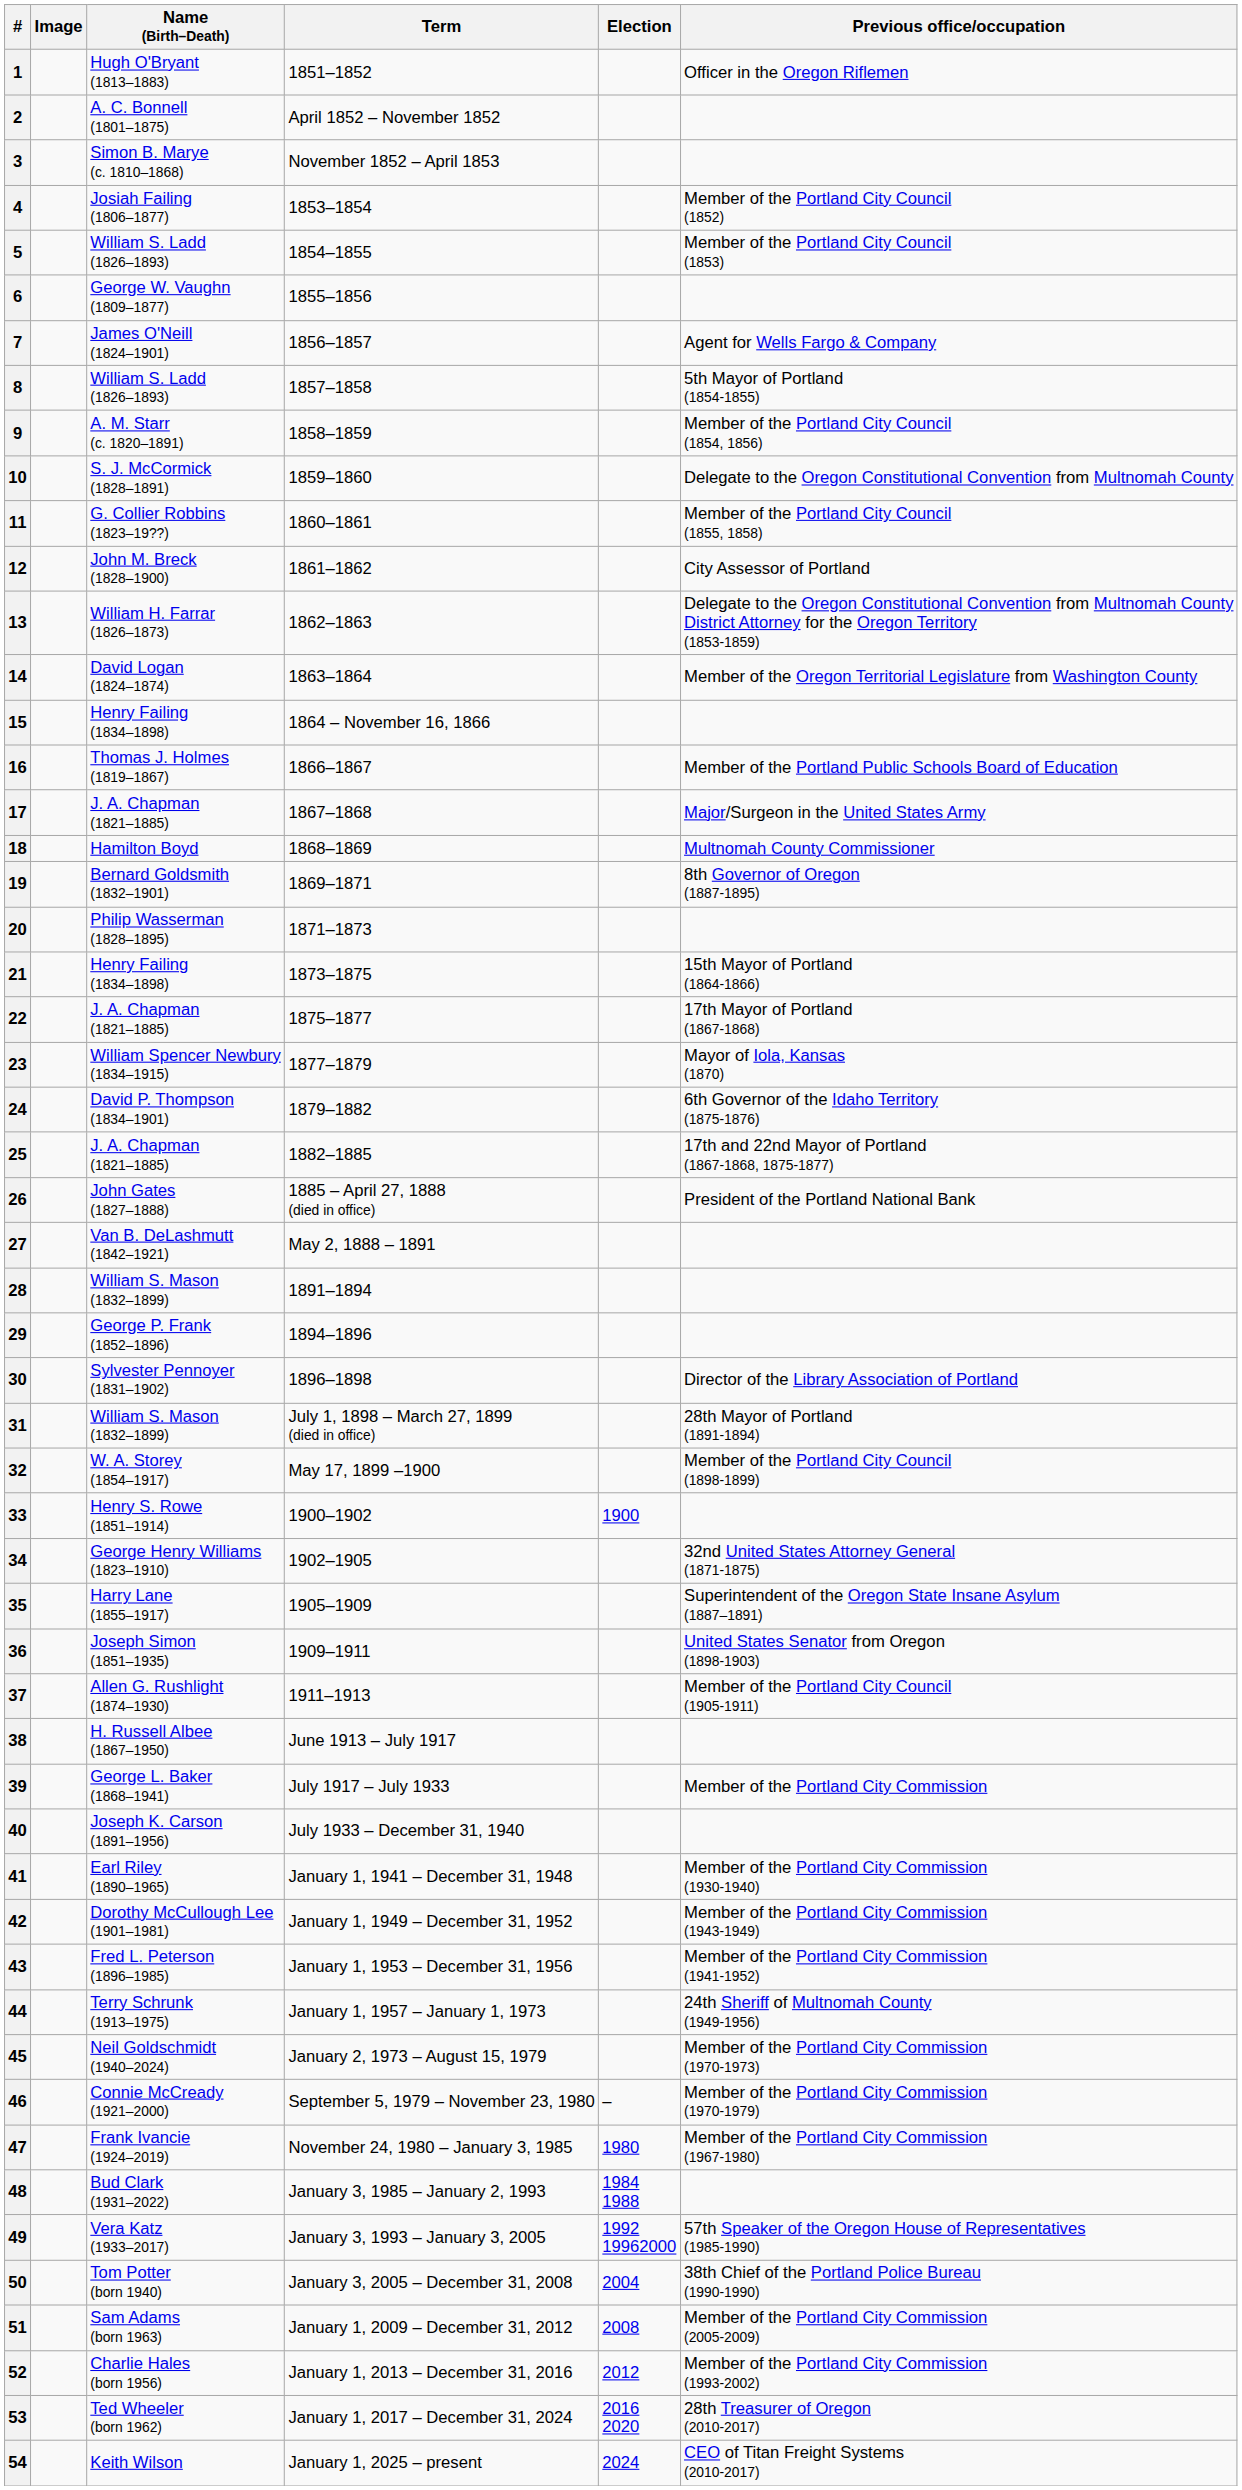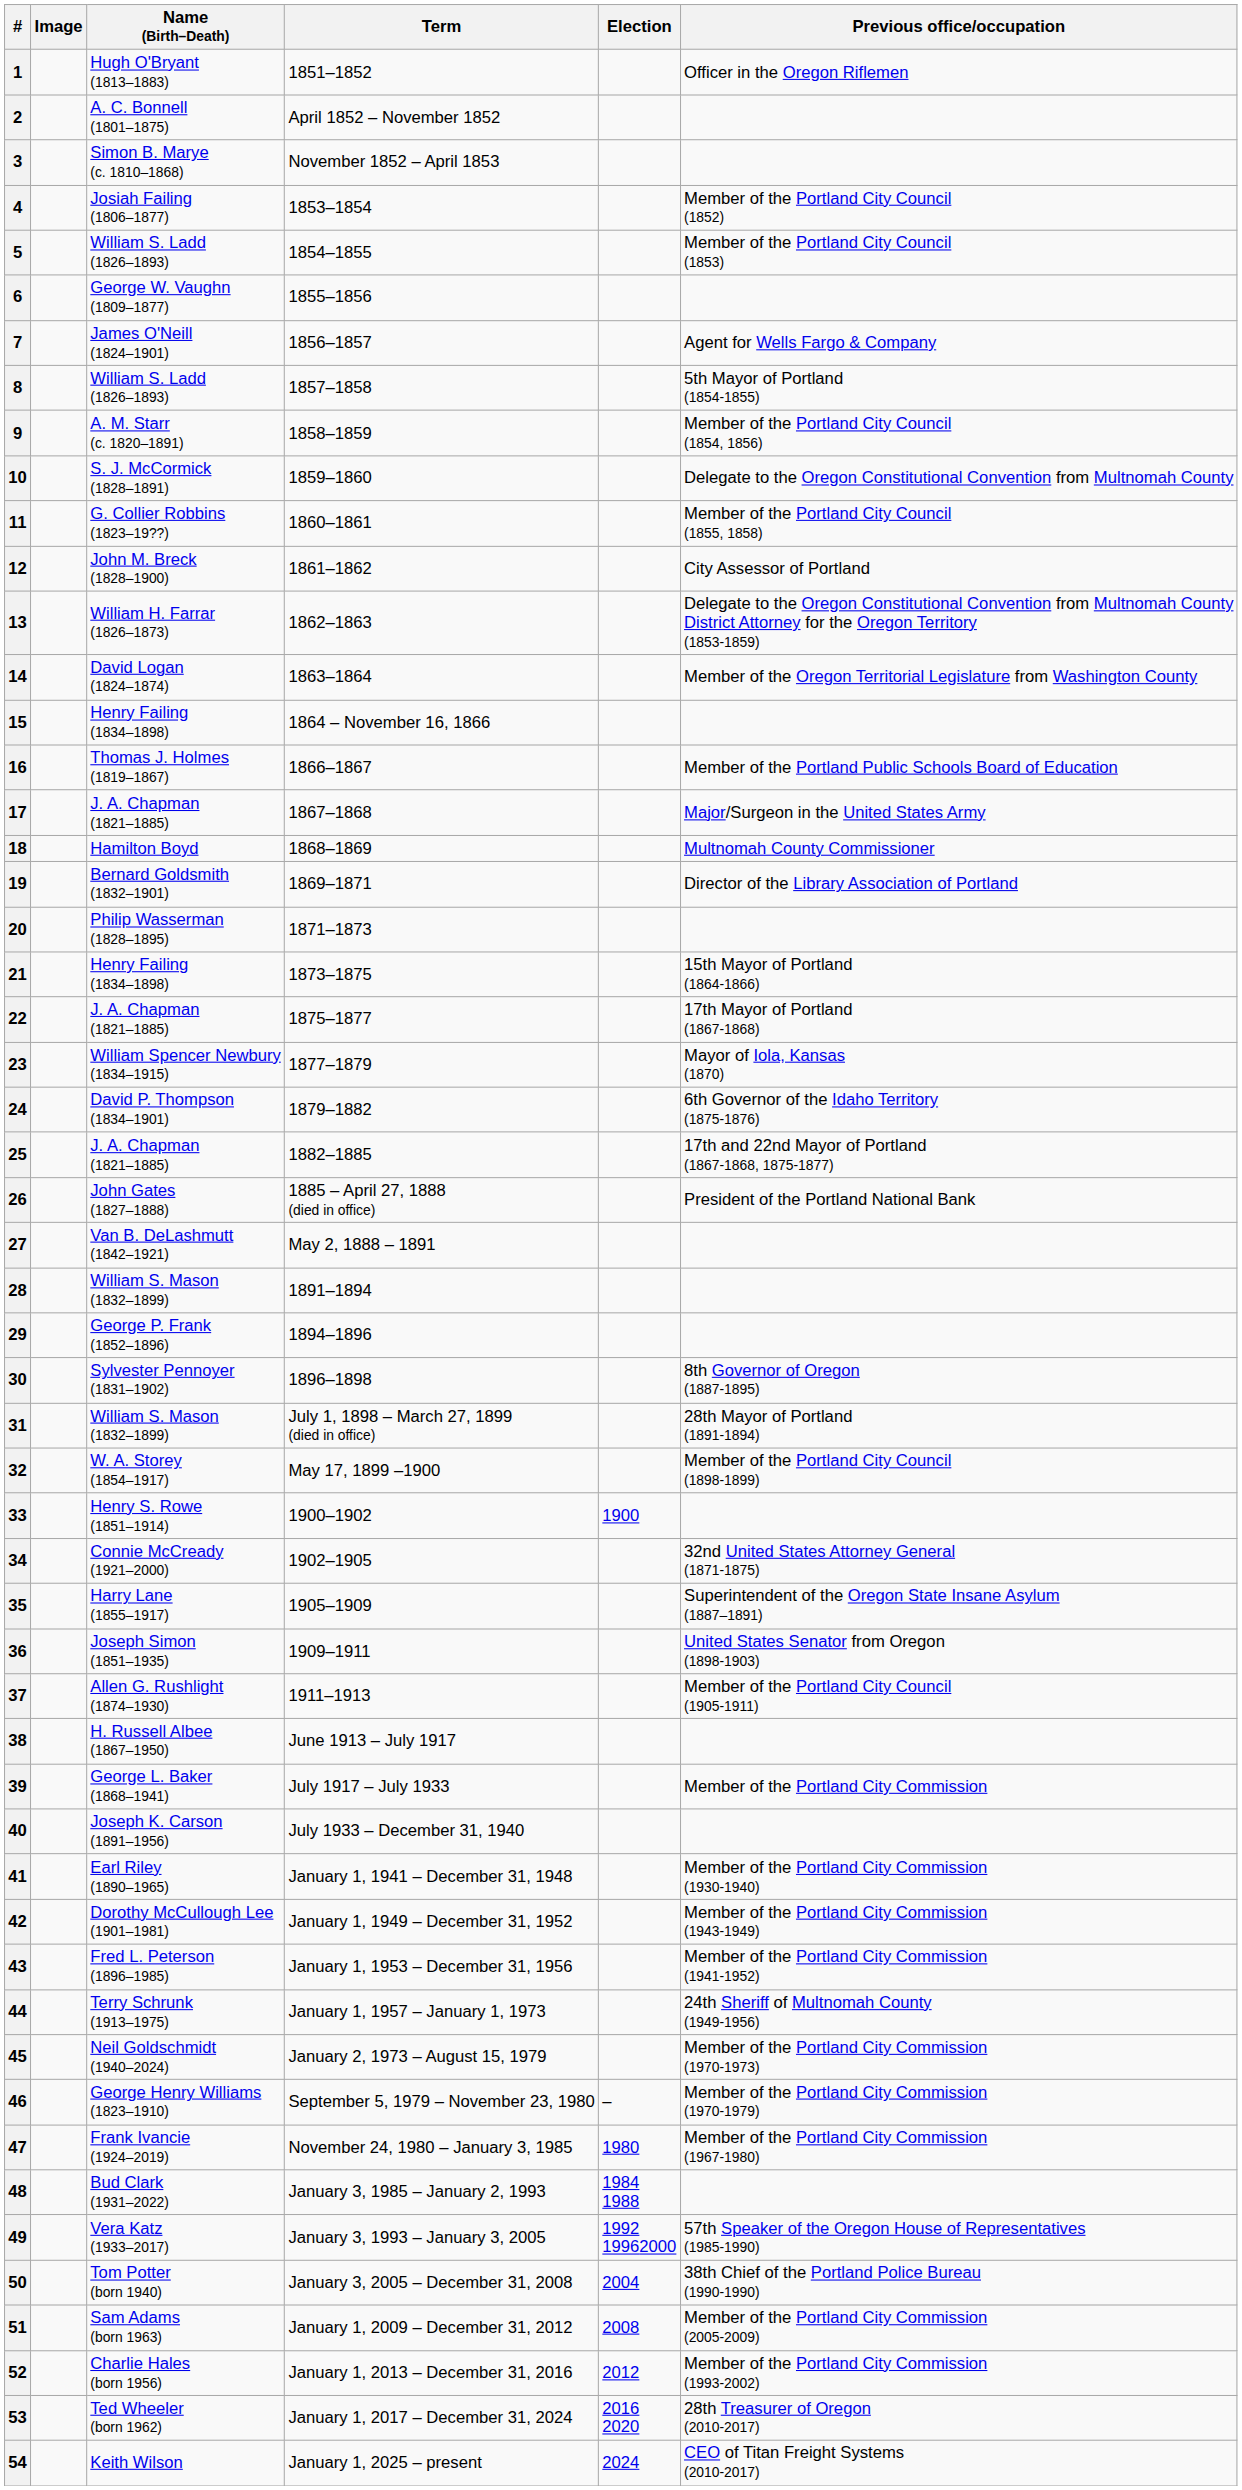 <table class="wikitable">
 <tr>
 <th>#</th>
 <th>Image</th>
 <th>Name<br><small>(Birth–Death)</small></th>
 <th>Term</th>
 <th>Election</th>
 <th>Previous office/occupation</th>
 </tr>
 <tr>
 <th style="background:">1</th>
 <td></td>
 <td><a href='#'>Hugh O'Bryant</a><br><small>(1813–1883)</small></td>
 <td>1851–1852</td>
 <td></td>
 <td>Officer in the <a href='#'>Oregon Riflemen</a></td>
 </tr>
 <tr>
 <th style="background:">2</th>
 <td></td>
 <td><a href='#'>A. C. Bonnell</a><br><small>(1801–1875)</small></td>
 <td>April 1852 – November 1852</td>
 <td></td>
 <td></td>
 </tr>
 <tr>
 <th style="background:">3</th>
 <td></td>
 <td><a href='#'>Simon B. Marye</a><br><small>(c. 1810–1868)</small></td>
 <td>November 1852 – April 1853</td>
 <td></td>
 <td></td>
 </tr>
 <tr>
 <th style="background:">4</th>
 <td></td>
 <td><a href='#'>Josiah Failing</a><br><small>(1806–1877)</small></td>
 <td>1853–1854</td>
 <td></td>
 <td>Member of the <a href='#'>Portland City Council</a><br><small>(1852)</small></td>
 </tr>
 <tr>
 <th style="background:">5</th>
 <td></td>
 <td><a href='#'>William S. Ladd</a><br><small>(1826–1893)</small></td>
 <td>1854–1855</td>
 <td></td>
 <td>Member of the <a href='#'>Portland City Council</a><br><small>(1853)</small></td>
 </tr>
 <tr>
 <th style="background:">6</th>
 <td></td>
 <td><a href='#'>George W. Vaughn</a><br><small>(1809–1877)</small></td>
 <td>1855–1856</td>
 <td></td>
 <td></td>
 </tr>
 <tr>
 <th style="background:">7</th>
 <td></td>
 <td><a href='#'>James O'Neill</a><br><small>(1824–1901)</small></td>
 <td>1856–1857</td>
 <td></td>
 <td>Agent for <a href='#'>Wells Fargo & Company</a></td>
 </tr>
 <tr>
 <th style="background:">8</th>
 <td></td>
 <td><a href='#'>William S. Ladd</a><br><small>(1826–1893)</small></td>
 <td>1857–1858</td>
 <td></td>
 <td>5th Mayor of Portland<br><small>(1854-1855)</small></td>
 </tr>
 <tr>
 <th style="background:">9</th>
 <td></td>
 <td><a href='#'>A. M. Starr</a><br><small>(c. 1820–1891)</small></td>
 <td>1858–1859</td>
 <td></td>
 <td>Member of the <a href='#'>Portland City Council</a><br><small>(1854, 1856)</small></td>
 </tr>
 <tr>
 <th style="background:">10</th>
 <td></td>
 <td><a href='#'>S. J. McCormick</a><br><small>(1828–1891)</small></td>
 <td>1859–1860</td>
 <td></td>
 <td>Delegate to the <a href='#'>Oregon Constitutional Convention</a> from <a href='#'>Multnomah County</a></td>
 </tr>
 <tr>
 <th style="background:">11</th>
 <td></td>
 <td><a href='#'>G. Collier Robbins</a><br><small>(1823–19??)</small></td>
 <td>1860–1861</td>
 <td></td>
 <td>Member of the <a href='#'>Portland City Council</a><br><small>(1855, 1858)</small></td>
 </tr>
 <tr>
 <th style="background:">12</th>
 <td></td>
 <td><a href='#'>John M. Breck</a><br><small>(1828–1900)</small></td>
 <td>1861–1862</td>
 <td></td>
 <td>City Assessor of Portland</td>
 </tr>
 <tr>
 <th style="background:">13</th>
 <td></td>
 <td><a href='#'>William H. Farrar</a><br><small>(1826–1873)</small></td>
 <td>1862–1863</td>
 <td></td>
 <td>Delegate to the <a href='#'>Oregon Constitutional Convention</a> from <a href='#'>Multnomah County</a><br><a href='#'>District Attorney</a> for the <a href='#'>Oregon Territory</a><br><small>(1853-1859)</small></td>
 </tr>
 <tr>
 <th style="background:">14</th>
 <td></td>
 <td><a href='#'>David Logan</a><br><small>(1824–1874)</small></td>
 <td>1863–1864</td>
 <td></td>
 <td>Member of the <a href='#'>Oregon Territorial Legislature</a> from <a href='#'>Washington County</a></td>
 </tr>
 <tr>
 <th style="background:">15</th>
 <td></td>
 <td><a href='#'>Henry Failing</a><br><small>(1834–1898)</small></td>
 <td>1864 – November 16, 1866</td>
 <td></td>
 <td></td>
 </tr>
 <tr>
 <th style="background:">16</th>
 <td></td>
 <td><a href='#'>Thomas J. Holmes</a><br><small>(1819–1867)</small></td>
 <td>1866–1867</td>
 <td></td>
 <td>Member of the <a href='#'>Portland Public Schools Board of Education</a></td>
 </tr>
 <tr>
 <th style="background:">17</th>
 <td></td>
 <td><a href='#'>J. A. Chapman</a><br><small>(1821–1885)</small></td>
 <td>1867–1868</td>
 <td></td>
 <td><a href='#'>Major</a>/Surgeon in the <a href='#'>United States Army</a></td>
 </tr>
 <tr>
 <th style="background:">18</th>
 <td></td>
 <td><a href='#'>Hamilton Boyd</a></td>
 <td>1868–1869</td>
 <td></td>
 <td><a href='#'>Multnomah County Commissioner</a></td>
 </tr>
 <tr>
 <th style="background:">19</th>
 <td></td>
 <td><a href='#'>Bernard Goldsmith</a><br><small>(1832–1901)</small></td>
 <td>1869–1871</td>
 <td></td>
-<td>8th <a href='#'>Governor of Oregon</a><br><small>(1887-1895)</small></td>
+<td>Director of the <a href='#'>Library Association of Portland</a></td>
 </tr>
 <tr>
 <th style="background:">20</th>
 <td></td>
 <td><a href='#'>Philip Wasserman</a><br><small>(1828–1895)</small></td>
 <td>1871–1873</td>
 <td></td>
 <td></td>
 </tr>
 <tr>
 <th style="background:">21</th>
 <td></td>
 <td><a href='#'>Henry Failing</a><br><small>(1834–1898)</small></td>
 <td>1873–1875</td>
 <td></td>
 <td>15th Mayor of Portland<br><small>(1864-1866)</small></td>
 </tr>
 <tr>
 <th style="background:">22</th>
 <td></td>
 <td><a href='#'>J. A. Chapman</a><br><small>(1821–1885)</small></td>
 <td>1875–1877</td>
 <td></td>
 <td>17th Mayor of Portland<br><small>(1867-1868)</small></td>
 </tr>
 <tr>
 <th style="background:">23</th>
 <td></td>
 <td><a href='#'>William Spencer Newbury</a><br><small>(1834–1915)</small></td>
 <td>1877–1879</td>
 <td></td>
 <td>Mayor of <a href='#'>Iola, Kansas</a><br><small>(1870)</small></td>
 </tr>
 <tr>
 <th style="background:">24</th>
 <td></td>
 <td><a href='#'>David P. Thompson</a><br><small>(1834–1901)</small></td>
 <td>1879–1882</td>
 <td></td>
 <td>6th Governor of the <a href='#'>Idaho Territory</a><br><small>(1875-1876)</small></td>
 </tr>
 <tr>
 <th style="background:">25</th>
 <td></td>
 <td><a href='#'>J. A. Chapman</a><br><small>(1821–1885)</small></td>
 <td>1882–1885</td>
 <td></td>
 <td>17th and 22nd Mayor of Portland<br><small>(1867-1868, 1875-1877)</small></td>
 </tr>
 <tr>
 <th style="background:">26</th>
 <td></td>
 <td><a href='#'>John Gates</a><br><small>(1827–1888)</small></td>
 <td>1885 – April 27, 1888<br><small>(died in office)</small></td>
 <td></td>
 <td>President of the Portland National Bank</td>
 </tr>
 <tr>
 <th style="background:">27</th>
 <td></td>
 <td><a href='#'>Van B. DeLashmutt</a><br><small>(1842–1921)</small></td>
 <td>May 2, 1888 – 1891</td>
 <td></td>
 <td></td>
 </tr>
 <tr>
 <th style="background:">28</th>
 <td></td>
 <td><a href='#'>William S. Mason</a><br><small>(1832–1899)</small></td>
 <td>1891–1894</td>
 <td></td>
 <td></td>
 </tr>
 <tr>
 <th style="background:">29</th>
 <td></td>
 <td><a href='#'>George P. Frank</a><br><small>(1852–1896)</small></td>
 <td>1894–1896</td>
 <td></td>
 <td></td>
 </tr>
 <tr>
 <th style="background:">30</th>
 <td></td>
 <td><a href='#'>Sylvester Pennoyer</a><br><small>(1831–1902)</small></td>
 <td>1896–1898</td>
 <td></td>
-<td>Director of the <a href='#'>Library Association of Portland</a></td>
+<td>8th <a href='#'>Governor of Oregon</a><br><small>(1887-1895)</small></td>
 </tr>
 <tr>
 <th style="background:">31</th>
 <td></td>
 <td><a href='#'>William S. Mason</a><br><small>(1832–1899)</small></td>
 <td>July 1, 1898 – March 27, 1899<br><small>(died in office)</small></td>
 <td></td>
 <td>28th Mayor of Portland<br><small>(1891-1894)</small></td>
 </tr>
 <tr>
 <th style="background:">32</th>
 <td></td>
 <td><a href='#'>W. A. Storey</a><br><small>(1854–1917)</small></td>
 <td>May 17, 1899 –1900</td>
 <td></td>
 <td>Member of the <a href='#'>Portland City Council</a><br><small>(1898-1899)</small></td>
 </tr>
 <tr>
 <th style="background:">33</th>
 <td></td>
 <td><a href='#'>Henry S. Rowe</a><br><small>(1851–1914)</small></td>
 <td>1900–1902</td>
 <td><a href='#'>1900</a></td>
 <td></td>
 </tr>
 <tr>
 <th style="background:">34</th>
 <td></td>
-<td><a href='#'>George Henry Williams</a><br><small>(1823–1910)</small></td>
+<td><a href='#'>Connie McCready</a><br><small>(1921–2000)</small></td>
 <td>1902–1905</td>
 <td></td>
 <td>32nd <a href='#'>United States Attorney General</a><br><small>(1871-1875)</small></td>
 </tr>
 <tr>
 <th style="background:">35</th>
 <td></td>
 <td><a href='#'>Harry Lane</a><br><small>(1855–1917)</small></td>
 <td>1905–1909</td>
 <td></td>
 <td>Superintendent of the <a href='#'>Oregon State Insane Asylum</a><br><small>(1887–1891)</small></td>
 </tr>
 <tr>
 <th style="background:">36</th>
 <td></td>
 <td><a href='#'>Joseph Simon</a><br><small>(1851–1935)</small></td>
 <td>1909–1911</td>
 <td></td>
 <td><a href='#'>United States Senator</a> from Oregon<br><small>(1898-1903)</small></td>
 </tr>
 <tr>
 <th style="background:">37</th>
 <td></td>
 <td><a href='#'>Allen G. Rushlight</a><br><small>(1874–1930)</small></td>
 <td>1911–1913</td>
 <td></td>
 <td>Member of the <a href='#'>Portland City Council</a><br><small>(1905-1911)</small></td>
 </tr>
 <tr>
 <th style="background:">38</th>
 <td></td>
 <td><a href='#'>H. Russell Albee</a><br><small>(1867–1950)</small></td>
 <td>June 1913 – July 1917</td>
 <td></td>
 <td></td>
 </tr>
 <tr>
 <th style="background:">39</th>
 <td></td>
 <td><a href='#'>George L. Baker</a><br><small>(1868–1941)</small></td>
 <td>July 1917 – July 1933</td>
 <td></td>
 <td>Member of the <a href='#'>Portland City Commission</a></td>
 </tr>
 <tr>
 <th style="background:">40</th>
 <td></td>
 <td><a href='#'>Joseph K. Carson</a><br><small>(1891–1956)</small></td>
 <td>July 1933 – December 31, 1940</td>
 <td></td>
 <td></td>
 </tr>
 <tr>
 <th style="background:">41</th>
 <td></td>
 <td><a href='#'>Earl Riley</a><br><small>(1890–1965)</small></td>
 <td>January 1, 1941 – December 31, 1948</td>
 <td></td>
 <td>Member of the <a href='#'>Portland City Commission</a><br><small>(1930-1940)</small></td>
 </tr>
 <tr>
 <th style="background:">42</th>
 <td></td>
 <td><a href='#'>Dorothy McCullough Lee</a><br><small>(1901–1981)</small></td>
 <td>January 1, 1949 – December 31, 1952</td>
 <td></td>
 <td>Member of the <a href='#'>Portland City Commission</a><br><small>(1943-1949)</small></td>
 </tr>
 <tr>
 <th style="background:">43</th>
 <td></td>
 <td><a href='#'>Fred L. Peterson</a><br><small>(1896–1985)</small></td>
 <td>January 1, 1953 – December 31, 1956</td>
 <td></td>
 <td>Member of the <a href='#'>Portland City Commission</a><br><small>(1941-1952)</small></td>
 </tr>
 <tr>
 <th style="background:">44</th>
 <td></td>
 <td><a href='#'>Terry Schrunk</a><br><small>(1913–1975)</small></td>
 <td>January 1, 1957 – January 1, 1973</td>
 <td></td>
 <td>24th <a href='#'>Sheriff</a> of <a href='#'>Multnomah County</a><br><small>(1949-1956)</small></td>
 </tr>
 <tr>
 <th style="background:">45</th>
 <td></td>
 <td><a href='#'>Neil Goldschmidt</a><br><small>(1940–2024)</small></td>
 <td>January 2, 1973 – August 15, 1979</td>
 <td></td>
 <td>Member of the <a href='#'>Portland City Commission</a><br><small>(1970-1973)</small></td>
 </tr>
 <tr>
 <th style="background:">46</th>
 <td></td>
-<td><a href='#'>Connie McCready</a><br><small>(1921–2000)</small></td>
+<td><a href='#'>George Henry Williams</a><br><small>(1823–1910)</small></td>
 <td>September 5, 1979 – November 23, 1980</td>
 <td>–</td>
 <td>Member of the <a href='#'>Portland City Commission</a><br><small>(1970-1979)</small></td>
 </tr>
 <tr>
 <th style="background:">47</th>
 <td></td>
 <td><a href='#'>Frank Ivancie</a><br><small>(1924–2019)</small></td>
 <td>November 24, 1980 – January 3, 1985</td>
 <td><a href='#'>1980</a></td>
 <td>Member of the <a href='#'>Portland City Commission</a><br><small>(1967-1980)</small></td>
 </tr>
 <tr>
 <th style="background:">48</th>
 <td></td>
 <td><a href='#'>Bud Clark</a><br><small>(1931–2022)</small></td>
 <td>January 3, 1985 – January 2, 1993</td>
 <td><a href='#'>1984</a><br><a href='#'>1988</a></td>
 <td></td>
 </tr>
 <tr>
 <th style="background:">49</th>
 <td></td>
 <td><a href='#'>Vera Katz</a><br><small>(1933–2017)</small></td>
 <td>January 3, 1993 – January 3, 2005</td>
 <td><a href='#'>1992</a><br><a href='#'>1996</a><a href='#'>2000</a></td>
 <td>57th <a href='#'>Speaker of the Oregon House of Representatives</a><br><small>(1985-1990)</small></td>
 </tr>
 <tr>
 <th style="background:">50</th>
 <td></td>
 <td><a href='#'>Tom Potter</a><br><small>(born 1940)</small></td>
 <td>January 3, 2005 – December 31, 2008</td>
 <td><a href='#'>2004</a></td>
 <td>38th Chief of the <a href='#'>Portland Police Bureau</a><br><small>(1990-1990)</small></td>
 </tr>
 <tr>
 <th style="background:">51</th>
 <td></td>
 <td><a href='#'>Sam Adams</a><br><small>(born 1963)</small></td>
 <td>January 1, 2009 – December 31, 2012</td>
 <td><a href='#'>2008</a></td>
 <td>Member of the <a href='#'>Portland City Commission</a><br><small>(2005-2009)</small></td>
 </tr>
 <tr>
 <th style="background:">52</th>
 <td></td>
 <td><a href='#'>Charlie Hales</a><br><small>(born 1956)</small></td>
 <td>January 1, 2013 – December 31, 2016</td>
 <td><a href='#'>2012</a></td>
 <td>Member of the <a href='#'>Portland City Commission</a><br><small>(1993-2002)</small></td>
 </tr>
 <tr>
 <th style="background:">53</th>
 <td></td>
 <td><a href='#'>Ted Wheeler</a><br><small>(born 1962)</small></td>
 <td>January 1, 2017 – December 31, 2024</td>
 <td><a href='#'>2016</a><br><a href='#'>2020</a></td>
 <td>28th <a href='#'>Treasurer of Oregon</a><br><small>(2010-2017)</small></td>
 </tr>
 <tr>
 <th style="background:">54</th>
 <td></td>
 <td><a href='#'>Keith Wilson</a><br><small> </small></td>
 <td>January 1, 2025 – present</td>
 <td><a href='#'>2024</a></td>
 <td><a href='#'>CEO</a> of Titan Freight Systems<br><small>(2010-2017)</small></td>
 </tr>
 </table>
